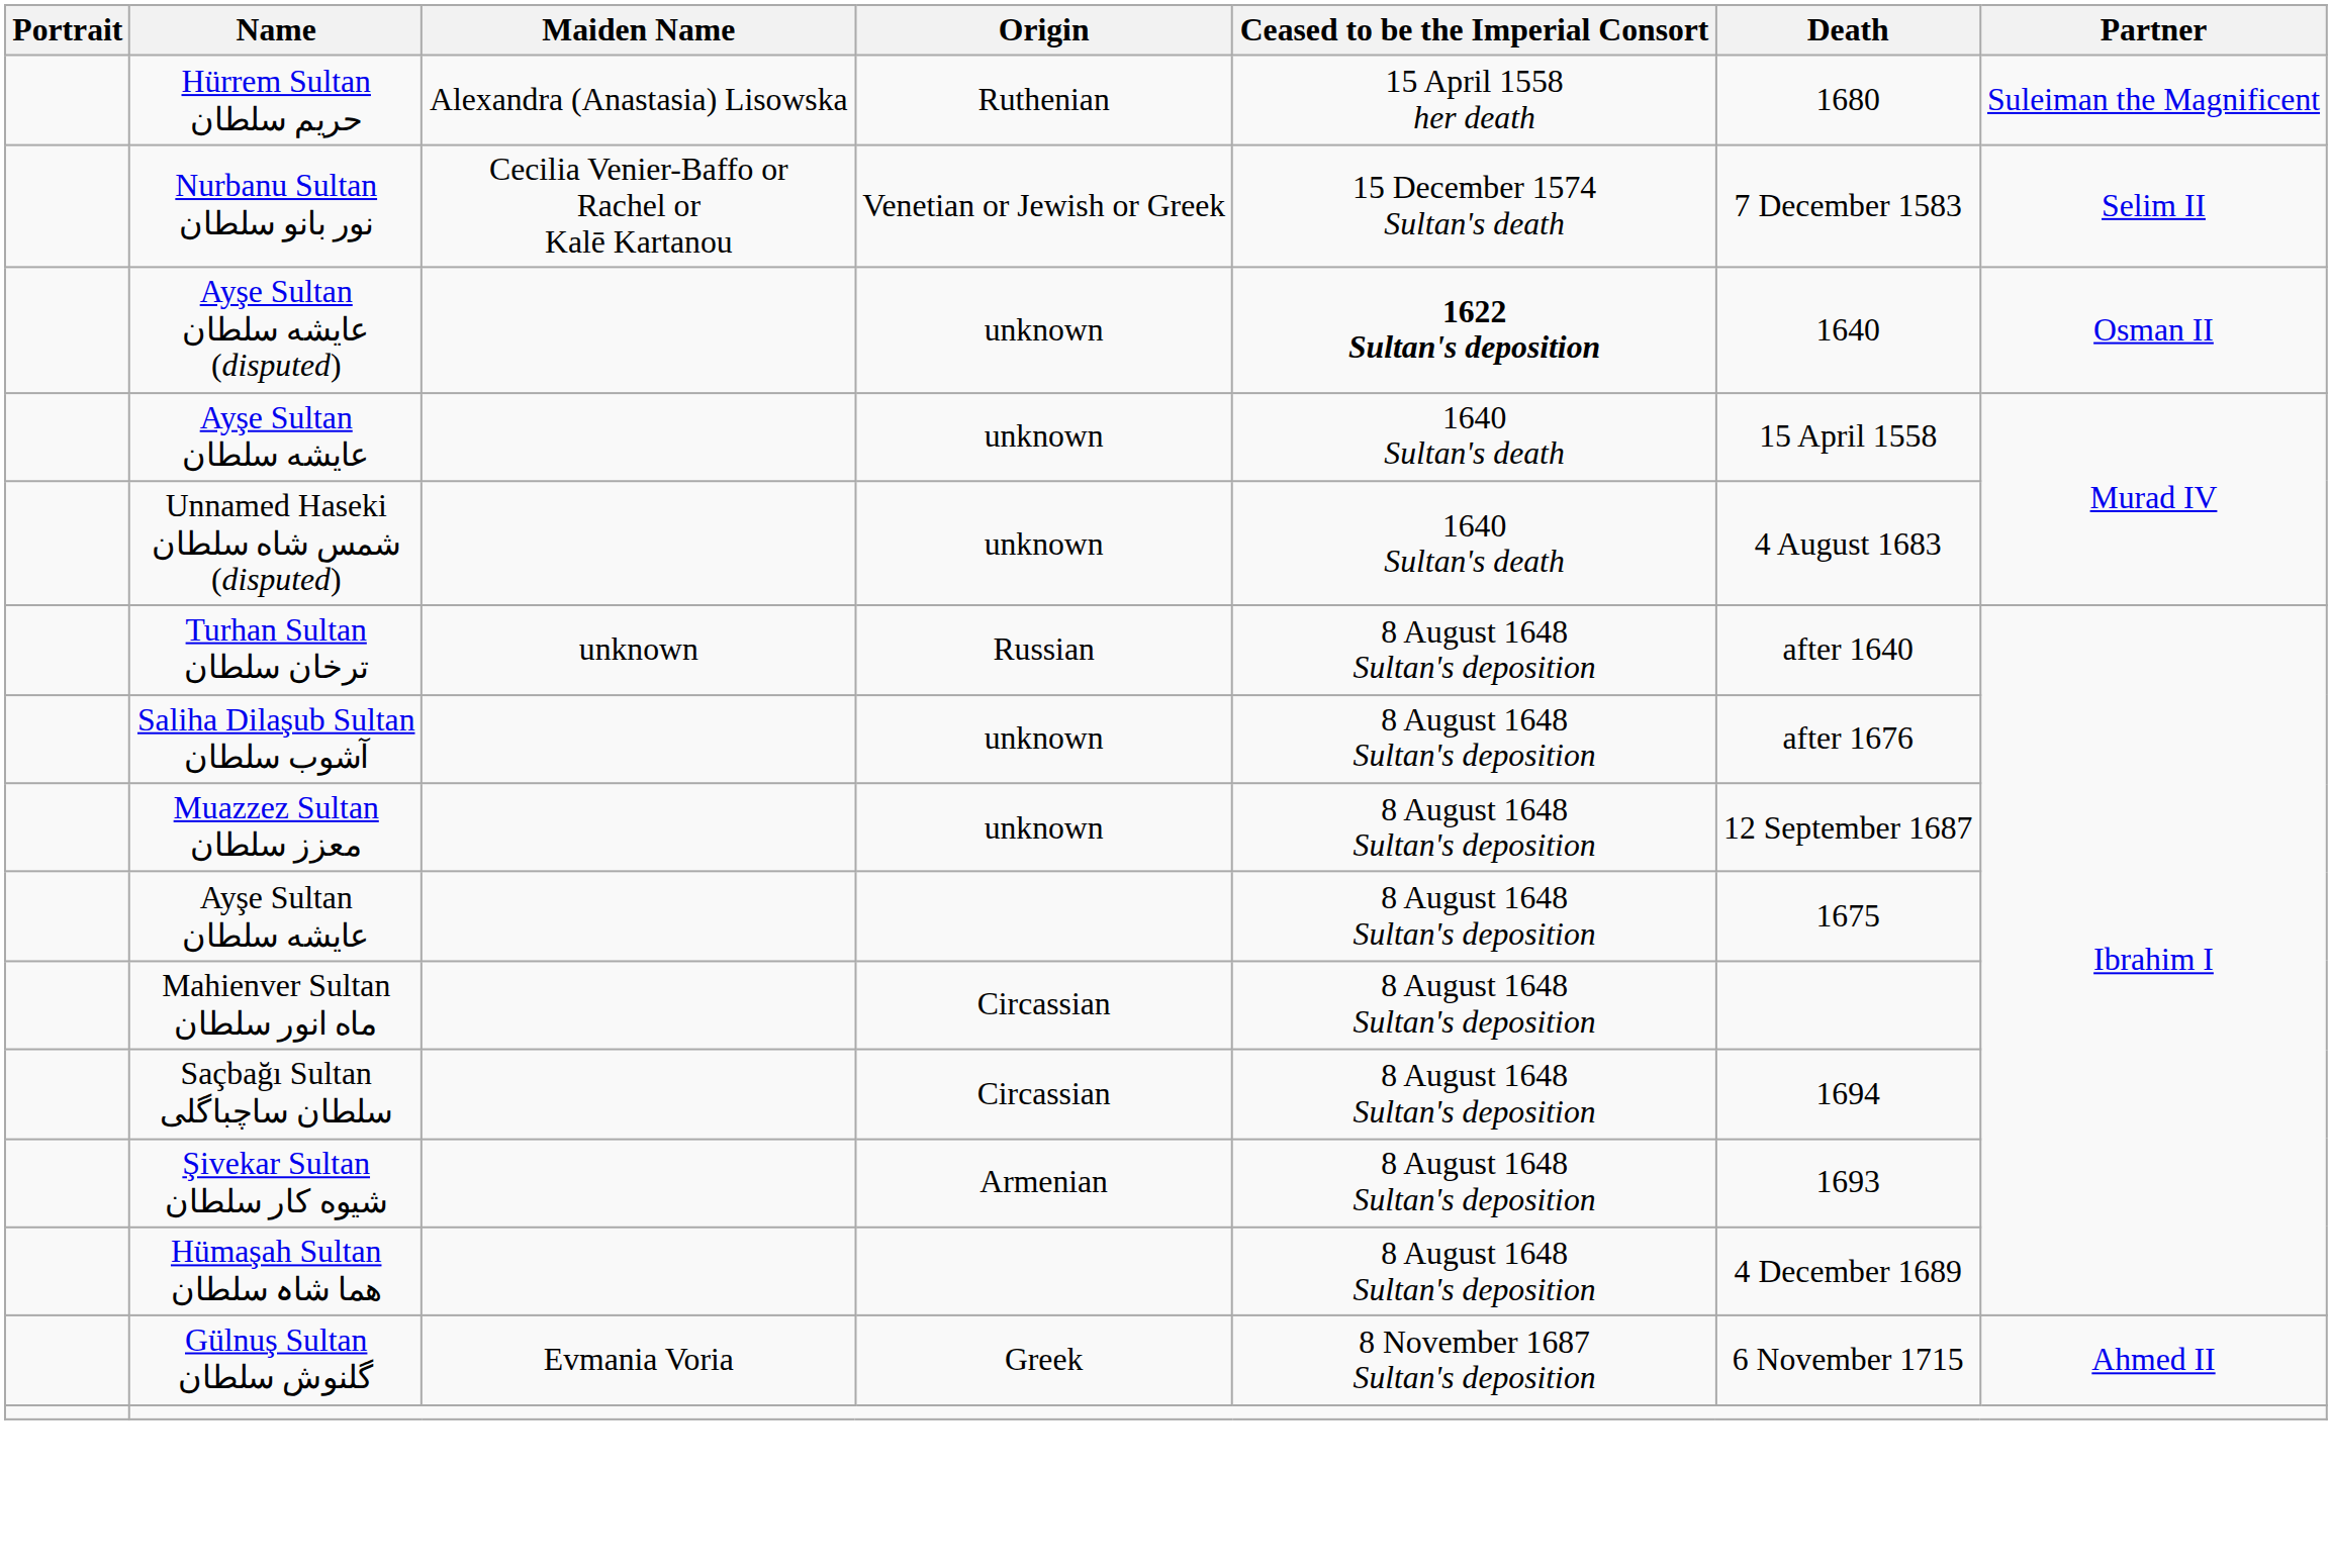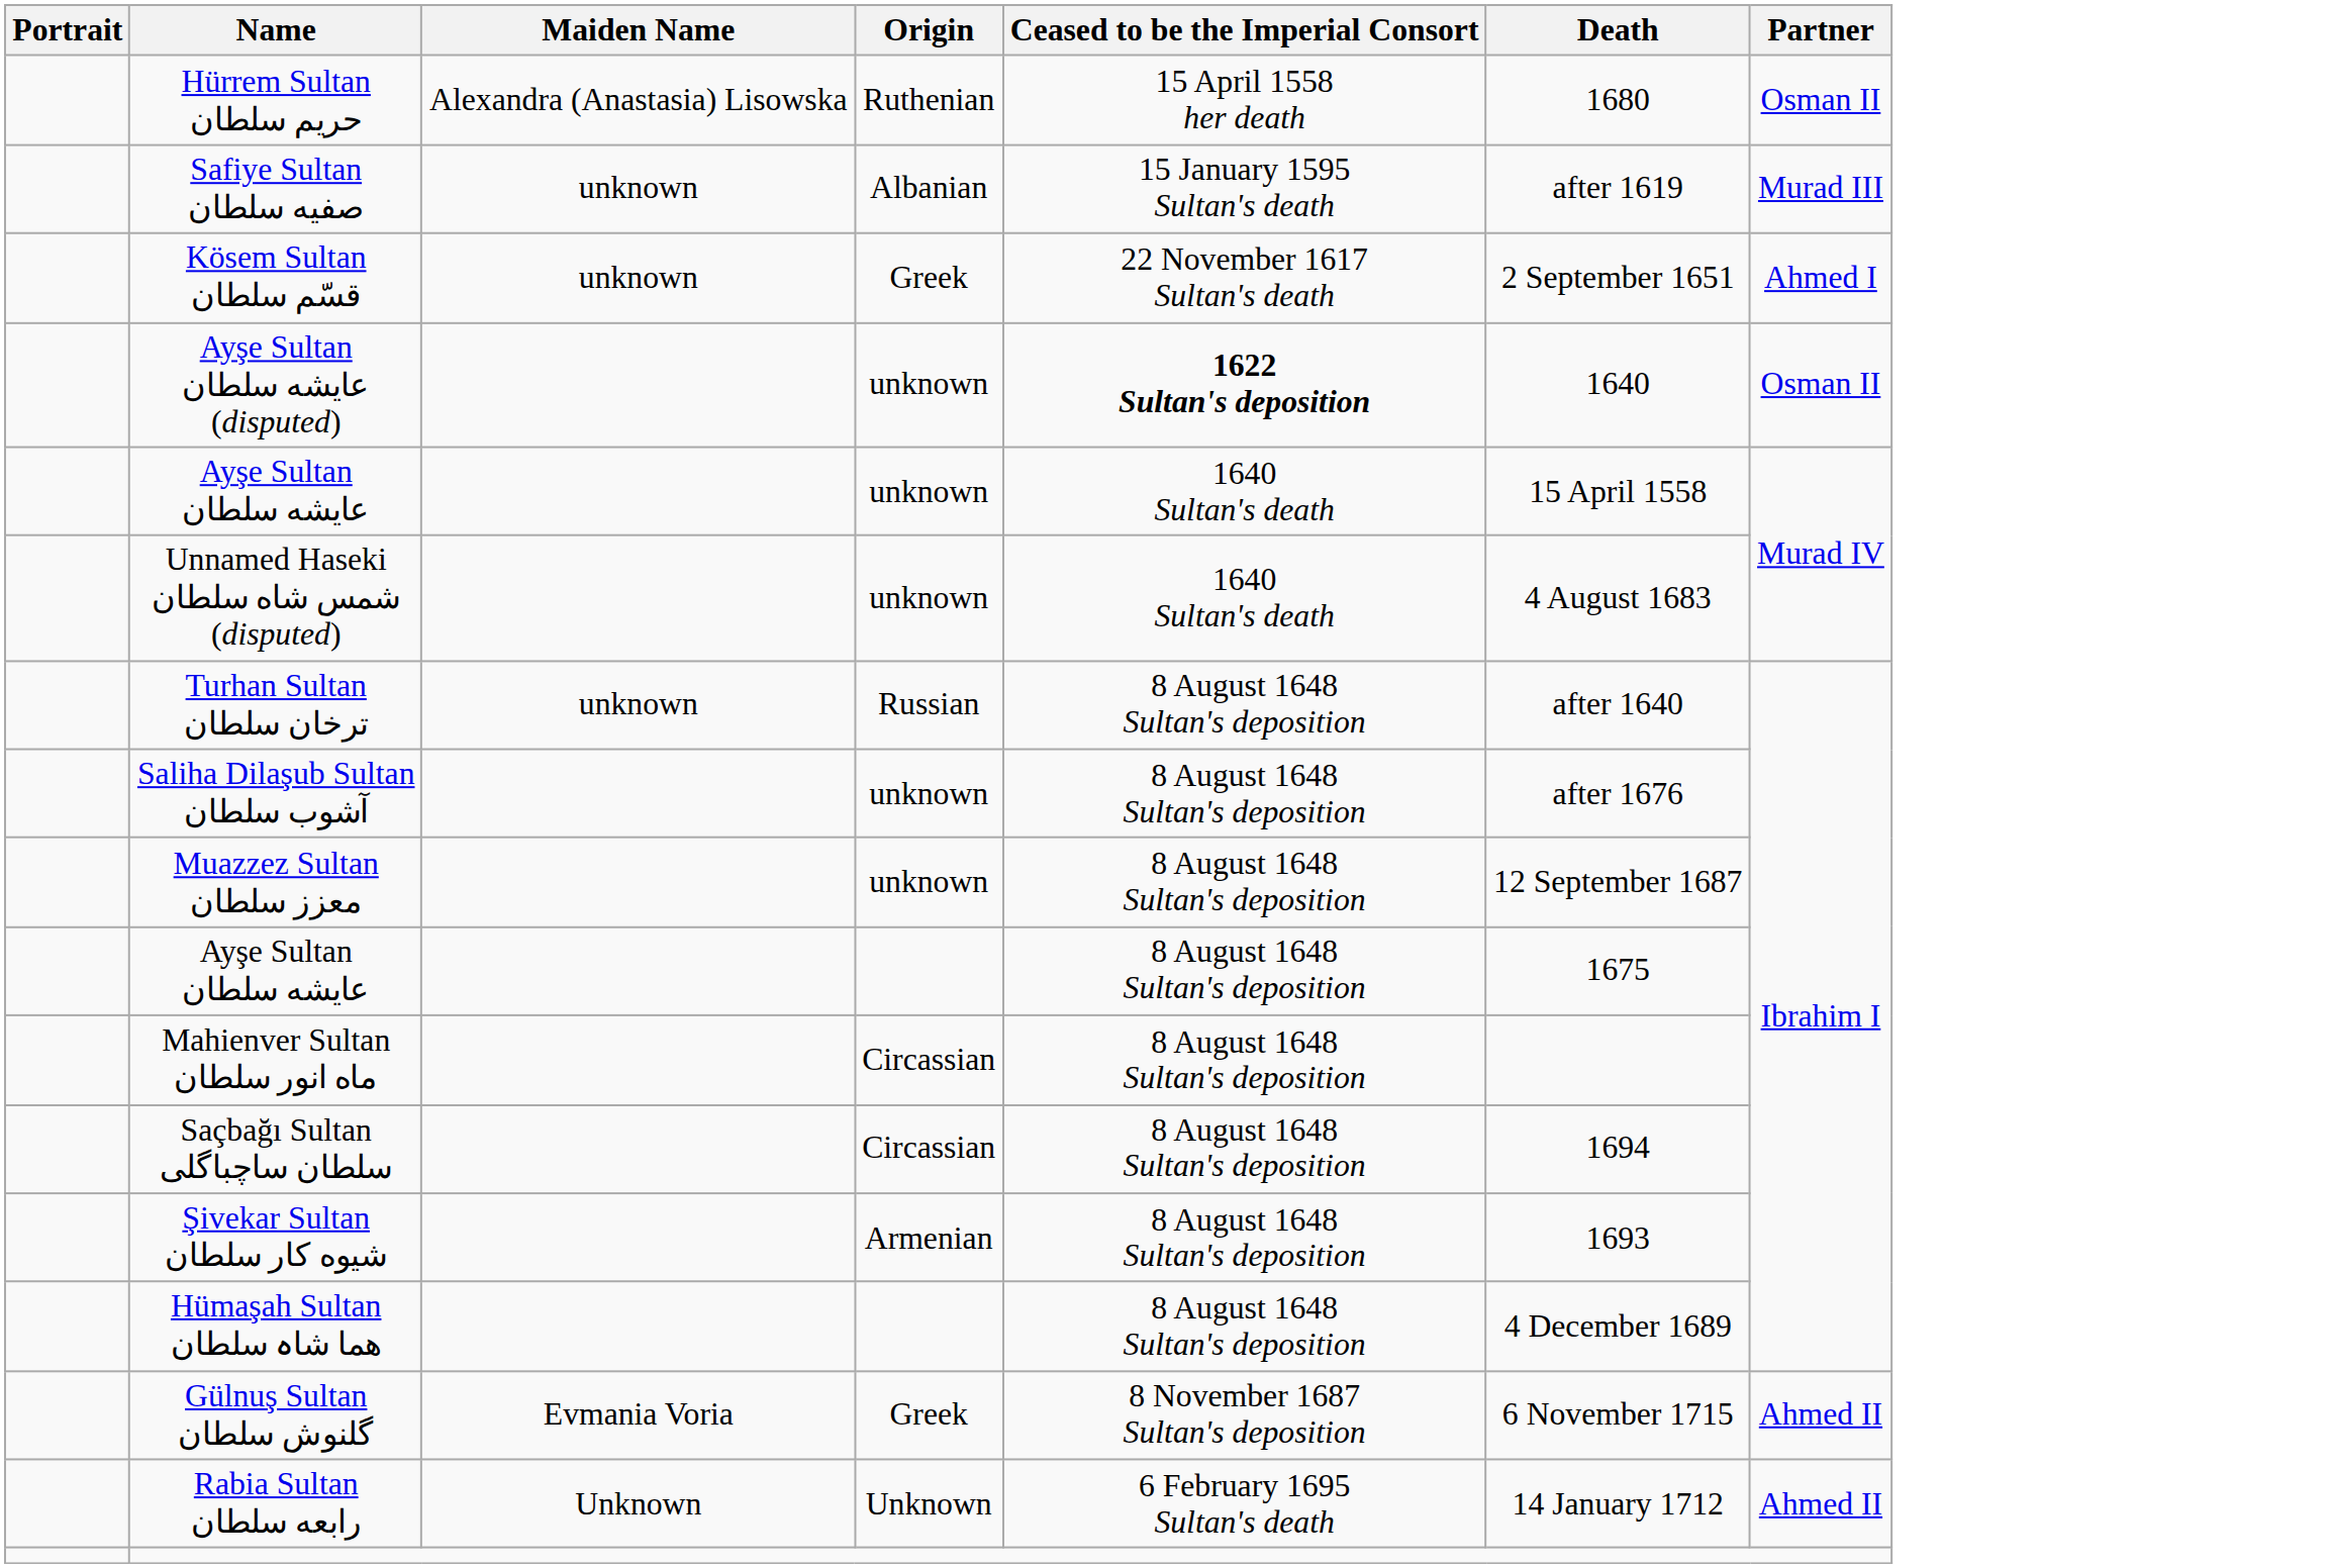 <table class="wikitable">
 <tr>
 <th>Portrait</th>
 <th>Name</th>
 <th>Maiden Name</th>
 <th>Origin</th>
 <th>Ceased to be the Imperial Consort</th>
 <th>Death</th>
 <th>Partner</th>
 </tr>
 <tr>
 <td></td>
 <td align=center><a href='#'>Hürrem Sultan</a><br>حریم سلطان</td>
 <td align=center>Alexandra (Anastasia) Lisowska</td>
 <td align="center">Ruthenian</td>
 <td align="center">15 April 1558<br><em>her death</em></td>
 <td align="center">1680</td>
-<td align=center><a href='#'>Suleiman the Magnificent</a></td>
+<td align="center"><a href='#'>Osman II</a></td>
 </tr>
 <tr>
 <td></td>
-<td align=center><a href='#'>Nurbanu Sultan</a><br>نور بانو سلطان</td>
-<td align=center>Cecilia Venier-Baffo or<br>Rachel or<br>Kalē Kartanou</td>
-<td align=center>Venetian or Jewish or Greek</td>
-<td align="center">15 December 1574<br><em>Sultan's death</em></td>
-<td align=center>7 December 1583</td>
-<td align=center><a href='#'>Selim II</a></td>
+<td align=center><a href='#'>Safiye Sultan</a><br>صفیه سلطان</td>
+<td align=center>unknown</td>
+<td align="center">Albanian</td>
+<td align="center">15 January 1595<br><em>Sultan's death</em></td>
+<td align=center>after 1619</td>
+<td align="center"><a href='#'>Murad III</a></td>
+</tr>
+<tr>
+<td></td>
+<td align=center><a href='#'>Kösem Sultan</a><br>قسّم سلطان</td>
+<td align=center>unknown </td>
+<td align=center>Greek</td>
+<td align="center">22 November 1617<br><em>Sultan's death</em></td>
+<td align=center>2 September 1651</td>
+<td align=center><a href='#'>Ahmed I</a></td>
 </tr>
 <tr>
 <td></td>
 <td align=center><a href='#'>Ayşe Sultan</a><br>عایشه سلطان<br>(<em>disputed</em>)</td>
 <td align="center"></td>
 <td align=center>unknown</td>
 <td align="center"><strong>1622<br><em>Sultan's deposition</em></strong></td>
 <td align=center>1640</td>
 <td align="center"><a href='#'>Osman II</a></td>
 </tr>
 <tr>
 <td></td>
 <td align=center><a href='#'>Ayşe Sultan</a><br>عایشه سلطان</td>
 <td align="center"></td>
 <td align=center>unknown</td>
 <td align="center">1640<br><em>Sultan's death</em></td>
 <td align=center>15 April 1558</td>
 <td rowspan="2" align=center><a href='#'>Murad IV</a></td>
 </tr>
 <tr>
 <td></td>
 <td align=center>Unnamed Haseki <br>شمس شاه سلطان<br>(<em>disputed</em>)</td>
 <td align="center"></td>
 <td align=center>unknown</td>
 <td align="center">1640<br><em>Sultan's death</em></td>
 <td align=center>4 August 1683</td>
 </tr>
 <tr>
 <td></td>
 <td align=center><a href='#'>Turhan Sultan</a><br>ترخان سلطان</td>
 <td align=center>unknown</td>
 <td align="center">Russian</td>
 <td align="center">8 August 1648<br><em>Sultan's deposition</em></td>
 <td align="center">after 1640</td>
 <td rowspan="8" align="center"><a href='#'>Ibrahim I</a></td>
 </tr>
 <tr>
 <td></td>
 <td align="center"><a href='#'>Saliha Dilaşub Sultan</a> <br> آشوب سلطان</td>
 <td align="center"></td>
 <td align="center">unknown </td>
 <td align="center">8 August 1648<br><em>Sultan's deposition</em></td>
 <td align=center>after 1676</td>
 </tr>
 <tr>
 <td></td>
 <td align=center><a href='#'>Muazzez Sultan</a><br> معزز سلطان</td>
 <td align=center></td>
 <td align=center>unknown</td>
 <td align=center>8 August 1648<br><em>Sultan's deposition</em></td>
 <td align=center>12 September 1687</td>
 </tr>
 <tr>
 <td></td>
 <td align=center>Ayşe Sultan <br> عایشه سلطان</td>
 <td align=center></td>
 <td align="center"></td>
 <td align="center">8 August 1648<br><em>Sultan's deposition</em></td>
 <td align=center>1675</td>
 </tr>
 <tr>
 <td></td>
 <td align=center>Mahienver Sultan <br> ماه انور سلطان</td>
 <td align=center></td>
 <td align=center>Circassian</td>
 <td align="center">8 August 1648<br><em>Sultan's deposition</em></td>
 <td align=center></td>
 </tr>
 <tr>
 <td></td>
 <td align=center>Saçbağı Sultan<br>سلطان ساچباگلی‎</td>
 <td align=center></td>
 <td align=center>Circassian</td>
 <td align=center>8 August 1648<br><em>Sultan's deposition</em></td>
 <td align=center>1694</td>
 </tr>
 <tr>
 <td></td>
 <td align=center><a href='#'>Şivekar Sultan</a> <br> شیوه کار سلطان</td>
 <td align=center></td>
 <td align="center">Armenian</td>
 <td align=center>8 August 1648<br><em>Sultan's deposition</em></td>
 <td align=center>1693</td>
 </tr>
 <tr>
 <td></td>
 <td align=center><a href='#'>Hümaşah Sultan</a><br>ھما شاہ سلطان</td>
 <td align=center></td>
 <td align="center"></td>
 <td align="center">8 August 1648<br><em>Sultan's deposition</em></td>
 <td align="center">4 December 1689</td>
 </tr>
 <tr>
 <td></td>
 <td align=center><a href='#'>Gülnuş Sultan</a><br>گلنوش سلطان</td>
 <td align="center">Evmania Voria</td>
 <td align=center>Greek</td>
 <td align="center">8 November 1687<br><em>Sultan's deposition</em></td>
 <td align=center>6 November 1715</td>
 <td align=center><a href='#'>Ahmed II</a></td>
 </tr>
 <tr>
 <td></td>
+<td align=center><a href='#'>Rabia Sultan</a> <br> رابعه سلطان</td>
+<td align=center>Unknown</td>
+<td align=center>Unknown</td>
+<td align=center>6 February 1695<br><em>Sultan's death</em></td>
+<td align=center>14 January 1712</td>
+<td align=center><a href='#'>Ahmed II</a></td>
+</tr>
+<tr>
+<td></td>
 </tr>
 </table>
